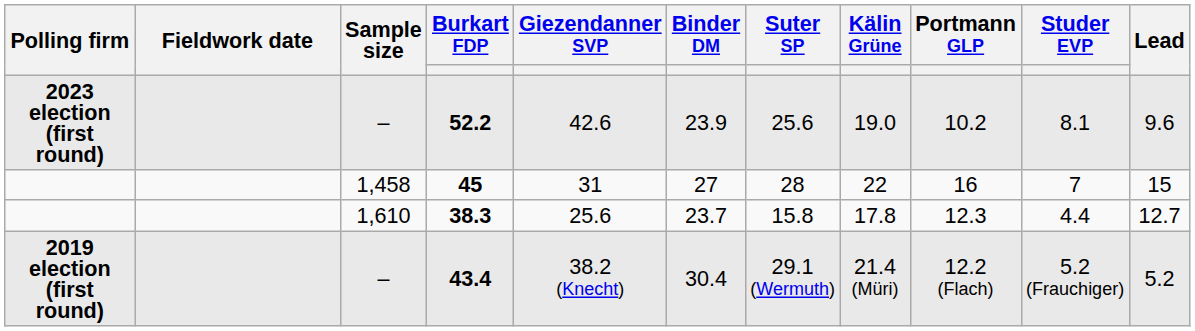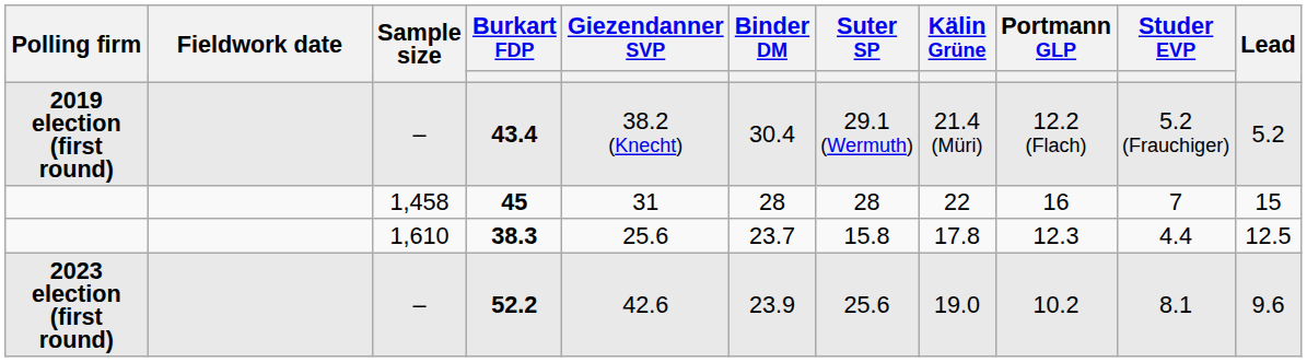 <table class="wikitable sortable" style="text-align:center;font-size:90%;line-height:14px;">
 <tr style="height:40px;">
 <th style="width:80px;" rowspan="2">Polling firm</th>
 <th style="width:130px;" rowspan="2">Fieldwork date</th>
 <th style="width:35px;" rowspan="2">Sample<br>size</th>
 <th class="unsortable" style="width:40px;"><a href='#'>Burkart</a><br><small><a href='#'>FDP</a></small></th>
 <th class="unsortable" style="width:40px;"><a href='#'>Giezendanner</a><br><small><a href='#'>SVP</a></small></th>
 <th class="unsortable" style="width:40px;"><a href='#'>Binder</a><br><small><a href='#'>DM</a></small></th>
 <th class="unsortable" style="width:40px;"><a href='#'>Suter</a><br><small><a href='#'>SP</a></small></th>
 <th class="unsortable" style="width:40px;"><a href='#'>Kälin</a><br><small><a href='#'>Grüne</a></small></th>
 <th class="unsortable" style="width:40px;">Portmann<br><small><a href='#'>GLP</a></small></th>
 <th class="unsortable" style="width:40px;"><a href='#'>Studer</a><br><small><a href='#'>EVP</a></small></th>
 <th style="width:30px;" rowspan="2">Lead</th>
 </tr>
 <tr>
 <th style="background:"></th>
 <th style="background:"></th>
 <th style="background:"></th>
 <th style="background:"></th>
 <th style="background:"></th>
 <th style="background:"></th>
 <th style="background:"></th>
 </tr>
 <tr style="background:#E9E9E9;">
-<td><strong>2023 election (first round)</strong></td>
+<td><strong>2019 election (first round)</strong></td>
 <td></td>
 <td>–</td>
-<td style="background:#"><strong>52.2</strong></td>
-<td>42.6</td>
-<td>23.9</td>
-<td>25.6</td>
-<td>19.0</td>
-<td>10.2</td>
-<td>8.1</td>
-<td style="background:">9.6</td>
+<td style="background:#"><strong>43.4</strong></td>
+<td>38.2<br><small>(<a href='#'>Knecht</a>)</small></td>
+<td>30.4</td>
+<td>29.1<br><small>(<a href='#'>Wermuth</a>)</small></td>
+<td>21.4<br><small>(Müri)</small></td>
+<td>12.2<br><small>(Flach)</small></td>
+<td>5.2<br><small>(Frauchiger)</small></td>
+<td style="background:">5.2</td>
 </tr>
 <tr>
 <td></td>
 <td></td>
 <td>1,458</td>
 <td style="background:#"><strong>45</strong></td>
 <td>31</td>
-<td>27</td>
+<td>28</td>
 <td>28</td>
 <td>22</td>
 <td>16</td>
 <td>7</td>
 <td style="background:">15</td>
 </tr>
 <tr>
 <td></td>
 <td></td>
 <td>1,610</td>
 <td style="background:#"><strong>38.3</strong></td>
 <td>25.6</td>
 <td>23.7</td>
 <td>15.8</td>
 <td>17.8</td>
 <td>12.3</td>
 <td>4.4</td>
-<td style="background:">12.7</td>
+<td style="background:">12.5</td>
 </tr>
 <tr style="background:#E9E9E9;">
-<td><strong>2019 election (first round)</strong></td>
+<td><strong>2023 election (first round)</strong></td>
 <td></td>
 <td>–</td>
-<td style="background:#"><strong>43.4</strong></td>
-<td>38.2<br><small>(<a href='#'>Knecht</a>)</small></td>
-<td>30.4</td>
-<td>29.1<br><small>(<a href='#'>Wermuth</a>)</small></td>
-<td>21.4<br><small>(Müri)</small></td>
-<td>12.2<br><small>(Flach)</small></td>
-<td>5.2<br><small>(Frauchiger)</small></td>
-<td style="background:">5.2</td>
+<td style="background:#"><strong>52.2</strong></td>
+<td>42.6</td>
+<td>23.9</td>
+<td>25.6</td>
+<td>19.0</td>
+<td>10.2</td>
+<td>8.1</td>
+<td style="background:">9.6</td>
 </tr>
 </table>
